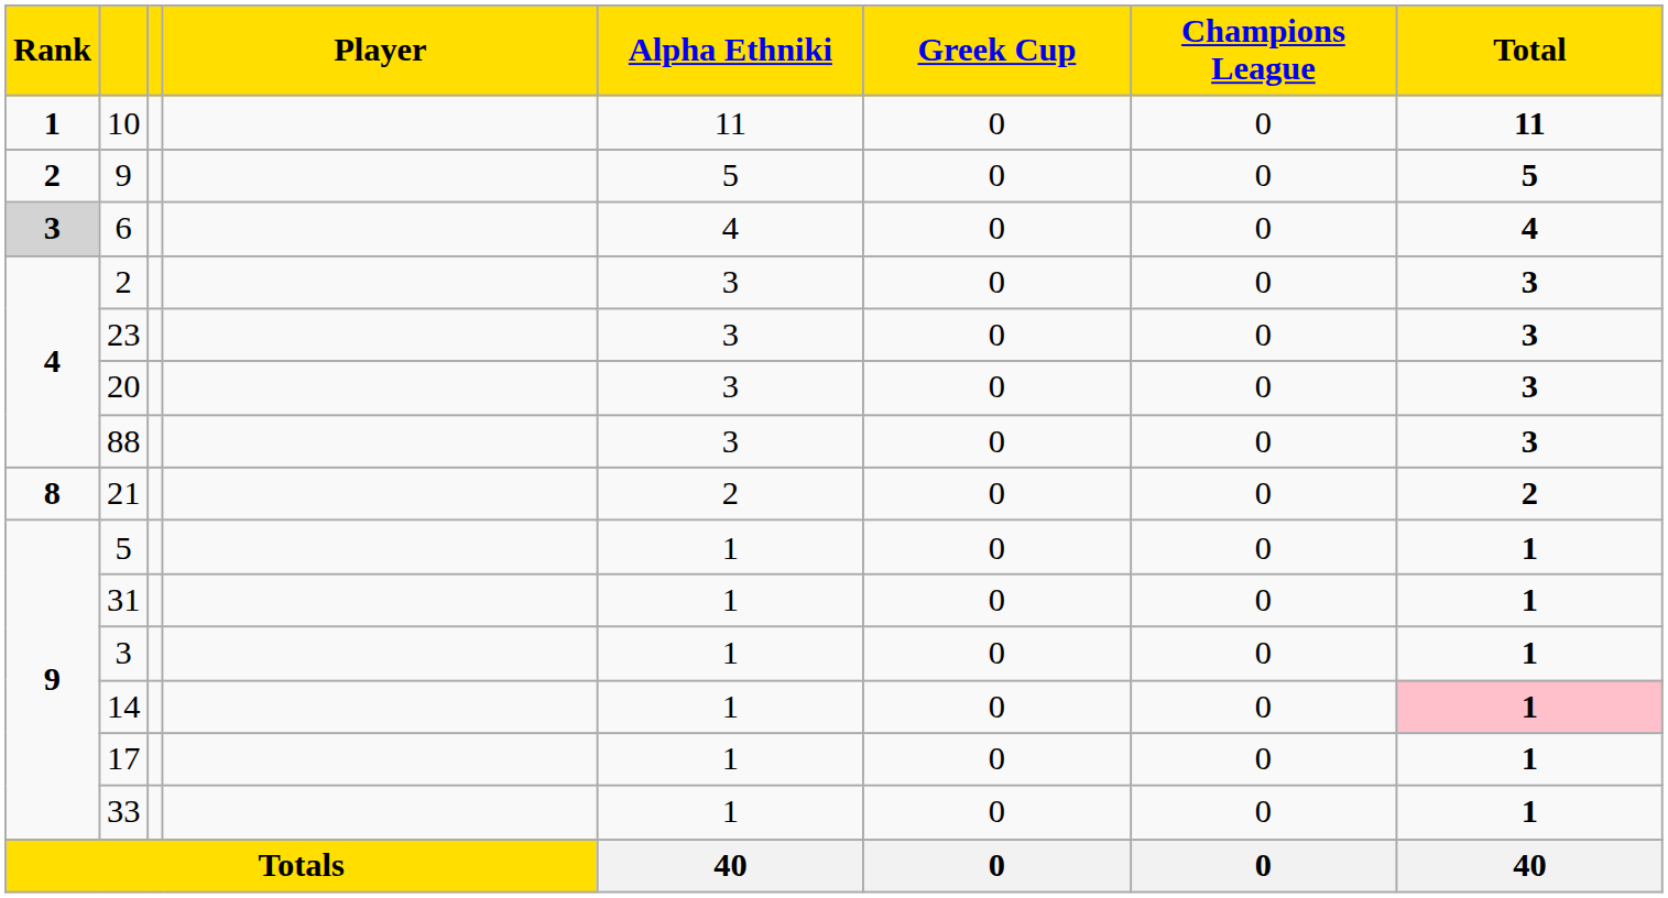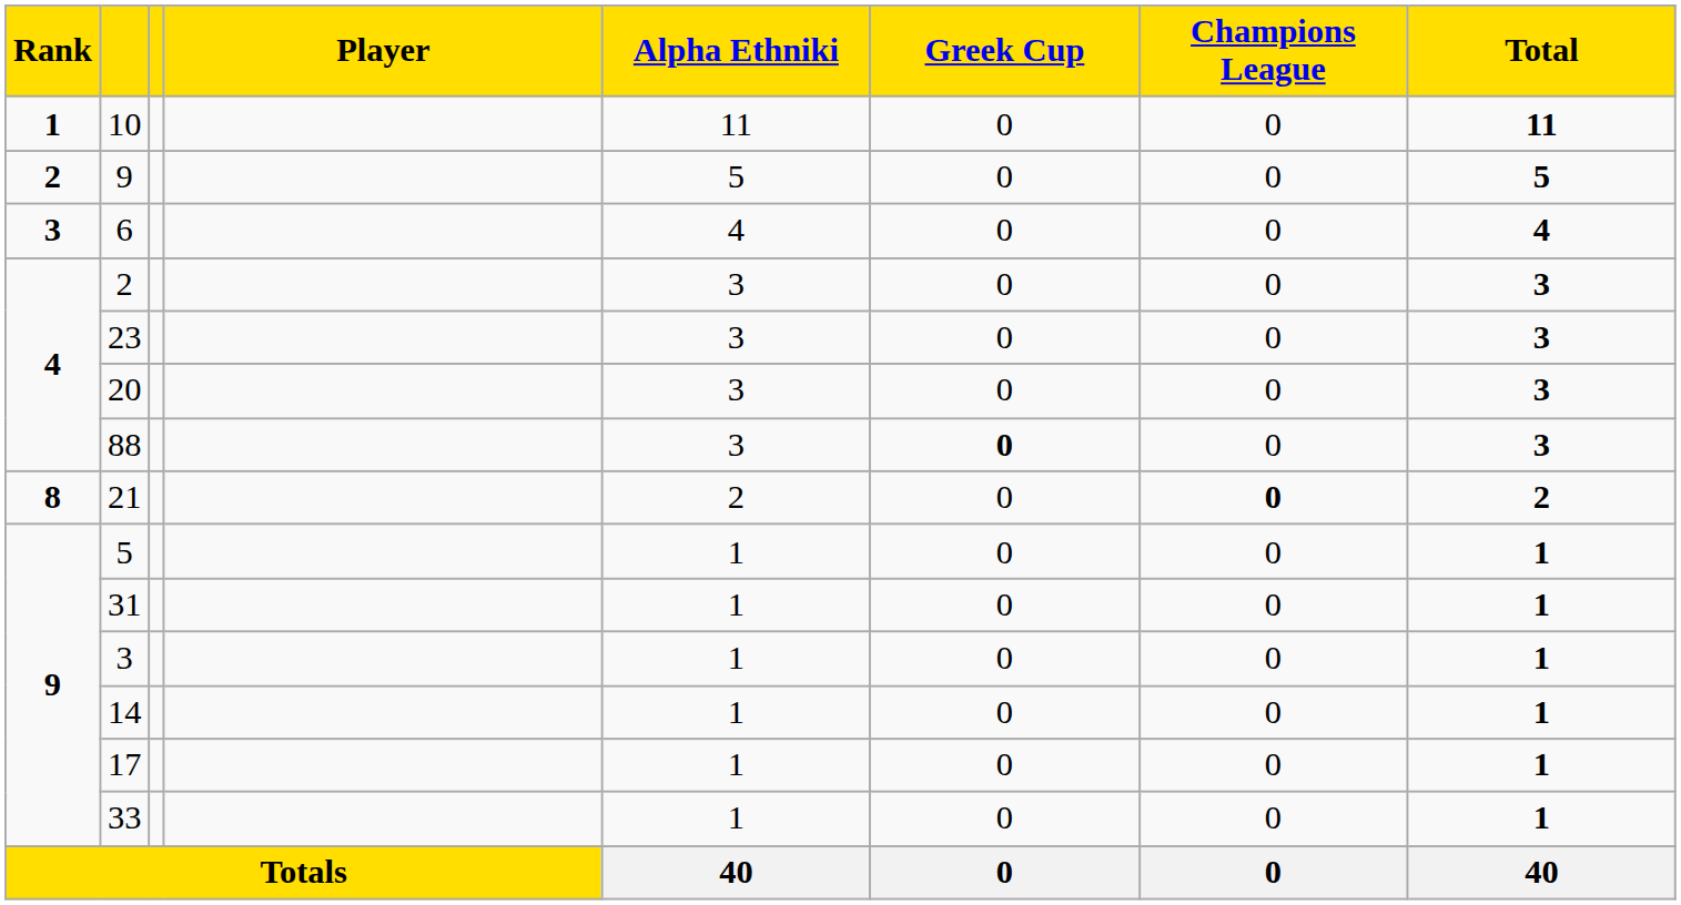 <table class="wikitable sortable" style="text-align: center">
 <tr>
 <th style="background:#FFDE00">Rank</th>
 <th style="background:#FFDE00"></th>
 <th style="background:#FFDE00"></th>
 <th width=200 style="background:#FFDE00">Player</th>
 <th width=120 style="background:#FFDE00"><a href='#'>Alpha Ethniki</a></th>
 <th width=120 style="background:#FFDE00"><a href='#'>Greek Cup</a></th>
 <th width=120 style="background:#FFDE00"><a href='#'>Champions League</a></th>
 <th width=120 style="background:#FFDE00">Total</th>
 </tr>
 <tr>
 <td><strong>1</strong></td>
 <td>10</td>
 <td></td>
 <td align=left></td>
 <td>11</td>
 <td>0</td>
 <td>0</td>
 <td><strong>11</strong></td>
 </tr>
 <tr>
 <td><strong>2</strong></td>
 <td>9</td>
 <td></td>
 <td align=left></td>
 <td>5</td>
 <td>0</td>
 <td>0</td>
 <td><strong>5</strong></td>
 </tr>
 <tr>
-<td style="background: lightgrey;"><strong>3</strong></td>
+<td><strong>3</strong></td>
 <td>6</td>
 <td></td>
 <td align=left></td>
 <td>4</td>
 <td>0</td>
 <td>0</td>
 <td><strong>4</strong></td>
 </tr>
 <tr>
 <td rowspan=4><strong>4</strong></td>
 <td>2</td>
 <td></td>
 <td align=left></td>
 <td>3</td>
 <td>0</td>
 <td>0</td>
 <td><strong>3</strong></td>
 </tr>
 <tr>
 <td>23</td>
 <td></td>
 <td align=left></td>
 <td>3</td>
 <td>0</td>
 <td>0</td>
 <td><strong>3</strong></td>
 </tr>
 <tr>
 <td>20</td>
 <td></td>
 <td align=left></td>
 <td>3</td>
 <td>0</td>
 <td>0</td>
 <td><strong>3</strong></td>
 </tr>
 <tr>
 <td>88</td>
 <td></td>
 <td align=left></td>
 <td>3</td>
-<td>0</td>
+<td><strong>0</strong></td>
 <td>0</td>
 <td><strong>3</strong></td>
 </tr>
 <tr>
 <td><strong>8</strong></td>
 <td>21</td>
 <td></td>
 <td align=left></td>
 <td>2</td>
 <td>0</td>
-<td>0</td>
+<td><strong>0</strong></td>
 <td><strong>2</strong></td>
 </tr>
 <tr>
 <td rowspan=6><strong>9</strong></td>
 <td>5</td>
 <td></td>
 <td align=left></td>
 <td>1</td>
 <td>0</td>
 <td>0</td>
 <td><strong>1</strong></td>
 </tr>
 <tr>
 <td>31</td>
 <td></td>
 <td align=left></td>
 <td>1</td>
 <td>0</td>
 <td>0</td>
 <td><strong>1</strong></td>
 </tr>
 <tr>
 <td>3</td>
 <td></td>
 <td align=left></td>
 <td>1</td>
 <td>0</td>
 <td>0</td>
 <td><strong>1</strong></td>
 </tr>
 <tr>
 <td>14</td>
 <td></td>
 <td align=left></td>
 <td>1</td>
 <td>0</td>
 <td>0</td>
-<td style="background: pink;"><strong>1</strong></td>
+<td><strong>1</strong></td>
 </tr>
 <tr>
 <td>17</td>
 <td></td>
 <td align=left></td>
 <td>1</td>
 <td>0</td>
 <td>0</td>
 <td><strong>1</strong></td>
 </tr>
 <tr>
 <td>33</td>
 <td></td>
 <td align=left></td>
 <td>1</td>
 <td>0</td>
 <td>0</td>
 <td><strong>1</strong></td>
 </tr>
 <tr class="sortbottom">
 <th colspan=4 style="background:#FFDE00"><strong>Totals</strong></th>
 <th><strong>40</strong></th>
 <th><strong> 0</strong></th>
 <th><strong> 0</strong></th>
 <th><strong>40</strong></th>
 </tr>
 </table>
